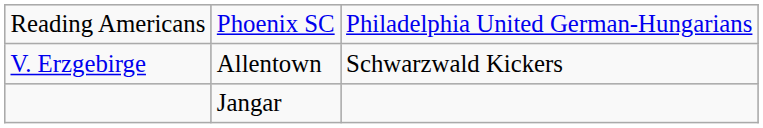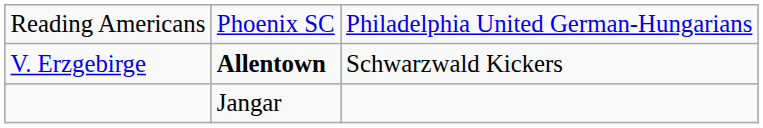 <table class="wikitable sortable">
 <tr>
 <td>Reading Americans</td>
 <td><a href='#'>Phoenix SC</a></td>
 <td><a href='#'>Philadelphia United German-Hungarians</a></td>
 </tr>
 <tr>
 <td><a href='#'>V. Erzgebirge</a></td>
-<td>Allentown</td>
+<td><strong>Allentown</strong></td>
 <td>Schwarzwald Kickers</td>
 </tr>
 <tr>
 <td></td>
 <td>Jangar</td>
 <td></td>
 </tr>
 </table>
